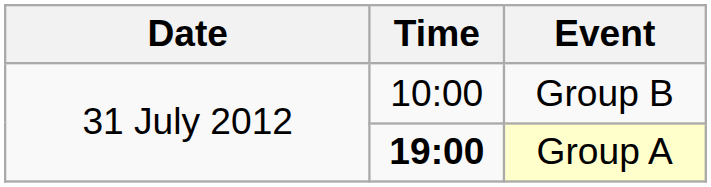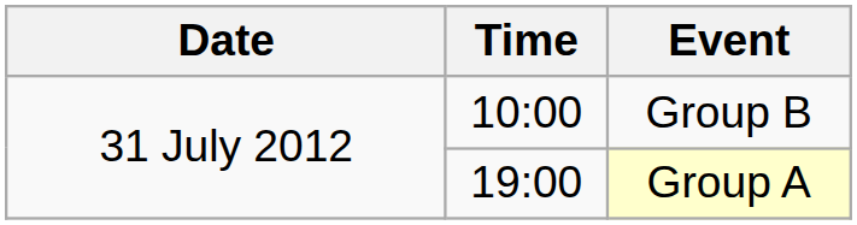 <table class = "wikitable" style="text-align:center;">
 <tr>
 <th width=150>Date</th>
 <th width=50>Time</th>
 <th width=80>Event</th>
 </tr>
 <tr>
 <td rowspan=2>31 July 2012</td>
 <td>10:00</td>
 <td>Group B</td>
 </tr>
 <tr>
-<td><strong>19:00</strong></td>
+<td>19:00</td>
 <td bgcolor=ffffcc>Group A</td>
 </tr>
 </table>
